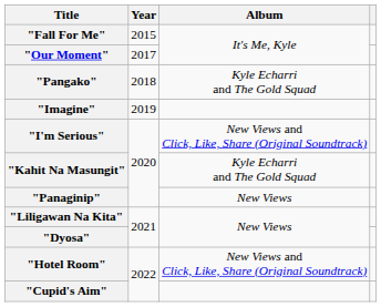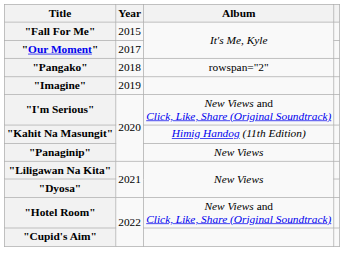 <table class="wikitable plainrowheaders" style="text-align:center;">
 <tr>
 <th>Title</th>
 <th>Year</th>
 <th>Album</th>
 <th></th>
 </tr>
 <tr>
 <th scope="row">"Fall For Me"</th>
 <td>2015</td>
 <td rowspan="2"><em>It's Me, Kyle</em></td>
 <td></td>
 </tr>
 <tr>
 <th scope="row">"<a href='#'>Our Moment</a>"</th>
 <td>2017</td>
 <td></td>
 </tr>
 <tr>
 <th scope="row">"Pangako"</th>
 <td>2018</td>
-<td><em>Kyle Echarri</em> <br> and <em>The Gold Squad</em></td>
+<td>rowspan="2" </td>
 <td></td>
 </tr>
 <tr>
 <th scope="row">"Imagine"<br></th>
 <td>2019</td>
 <td></td>
 <td></td>
 </tr>
 <tr>
 <th scope="row">"I'm Serious"</th>
 <td rowspan="3">2020</td>
 <td><em>New Views</em> and<br><em><a href='#'>Click, Like, Share (Original Soundtrack)</a></em></td>
 <td></td>
 </tr>
 <tr>
 <th scope="row">"Kahit Na Masungit"<br></th>
-<td><em>Kyle Echarri</em> <br> and <em>The Gold Squad</em></td>
+<td><em><a href='#'>Himig Handog</a> (11th Edition)</em></td>
 <td></td>
 </tr>
 <tr>
 <th scope="row">"Panaginip"</th>
 <td><em>New Views</em></td>
 <td></td>
 </tr>
 <tr>
 <th scope="row">"Liligawan Na Kita"<br></th>
 <td rowspan="2">2021</td>
 <td rowspan="2"><em>New Views</em></td>
 <td></td>
 </tr>
 <tr>
 <th scope="row">"Dyosa"</th>
 <td></td>
 </tr>
 <tr>
 <th scope="row">"Hotel Room"<br></th>
 <td rowspan="2">2022</td>
 <td><em>New Views</em> and<br><em><a href='#'>Click, Like, Share (Original Soundtrack)</a></em></td>
 <td></td>
 </tr>
 <tr>
 <th scope="row">"Cupid's Aim"<br></th>
 <td></td>
 </tr>
 </table>
